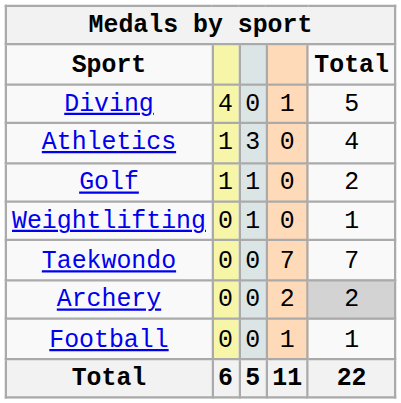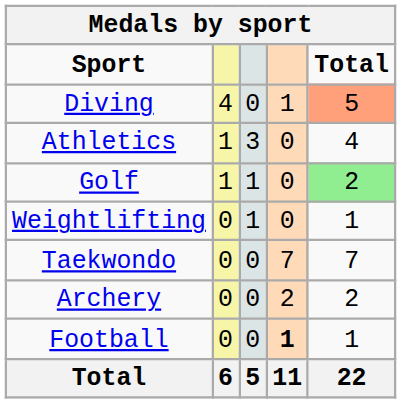 <table class="wikitable" style="font-size:85%; float:right">
 <tr bgcolor=#efefef>
 <th colspan=7>Medals by sport</th>
 </tr>
 <tr align=center>
 <td><strong>Sport</strong></td>
 <td bgcolor=#f7f6a8></td>
 <td bgcolor=#dce5e5></td>
 <td bgcolor=#ffdab9></td>
 <td><strong>Total</strong></td>
 </tr>
 <tr align=center>
 <td><a href='#'>Diving</a></td>
 <td bgcolor=#f7f6a8>4</td>
 <td bgcolor=#dce5e5>0</td>
 <td bgcolor=#ffdab9>1</td>
-<td>5</td>
+<td style="background: lightsalmon;">5</td>
 </tr>
 <tr align=center>
 <td><a href='#'>Athletics</a></td>
 <td bgcolor=#f7f6a8>1</td>
 <td bgcolor=#dce5e5>3</td>
 <td bgcolor=#ffdab9>0</td>
 <td>4</td>
 </tr>
 <tr align=center>
 <td><a href='#'>Golf</a></td>
 <td bgcolor=#f7f6a8>1</td>
 <td bgcolor=#dce5e5>1</td>
 <td bgcolor=#ffdab9>0</td>
-<td>2</td>
+<td style="background: lightgreen;">2</td>
 </tr>
 <tr align=center>
 <td><a href='#'>Weightlifting</a></td>
 <td bgcolor=#f7f6a8>0</td>
 <td bgcolor=#dce5e5>1</td>
 <td bgcolor=#ffdab9>0</td>
 <td>1</td>
 </tr>
 <tr align=center>
 <td><a href='#'>Taekwondo</a></td>
 <td bgcolor=#f7f6a8>0</td>
 <td bgcolor=#dce5e5>0</td>
 <td bgcolor=#ffdab9>7</td>
 <td>7</td>
 </tr>
 <tr align=center>
 <td><a href='#'>Archery</a></td>
 <td bgcolor=#f7f6a8>0</td>
 <td bgcolor=#dce5e5>0</td>
 <td bgcolor=#ffdab9>2</td>
-<td style="background: lightgrey;">2</td>
+<td>2</td>
 </tr>
 <tr align=center>
 <td><a href='#'>Football</a></td>
 <td bgcolor=#f7f6a8>0</td>
 <td bgcolor=#dce5e5>0</td>
-<td bgcolor=#ffdab9>1</td>
+<td bgcolor=#ffdab9><strong>1</strong></td>
 <td>1</td>
 </tr>
 <tr align=center>
 <th>Total</th>
 <th bgcolor=gold>6</th>
 <th bgcolor=silver>5</th>
 <th bgcolor=#c96>11</th>
 <th>22</th>
 </tr>
 </table>
